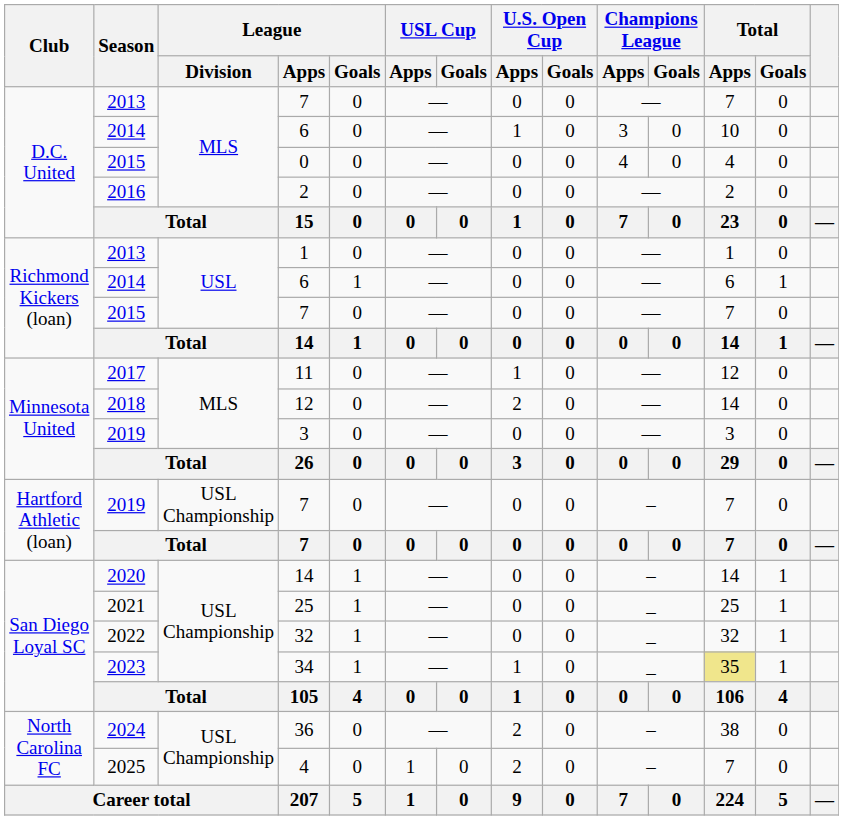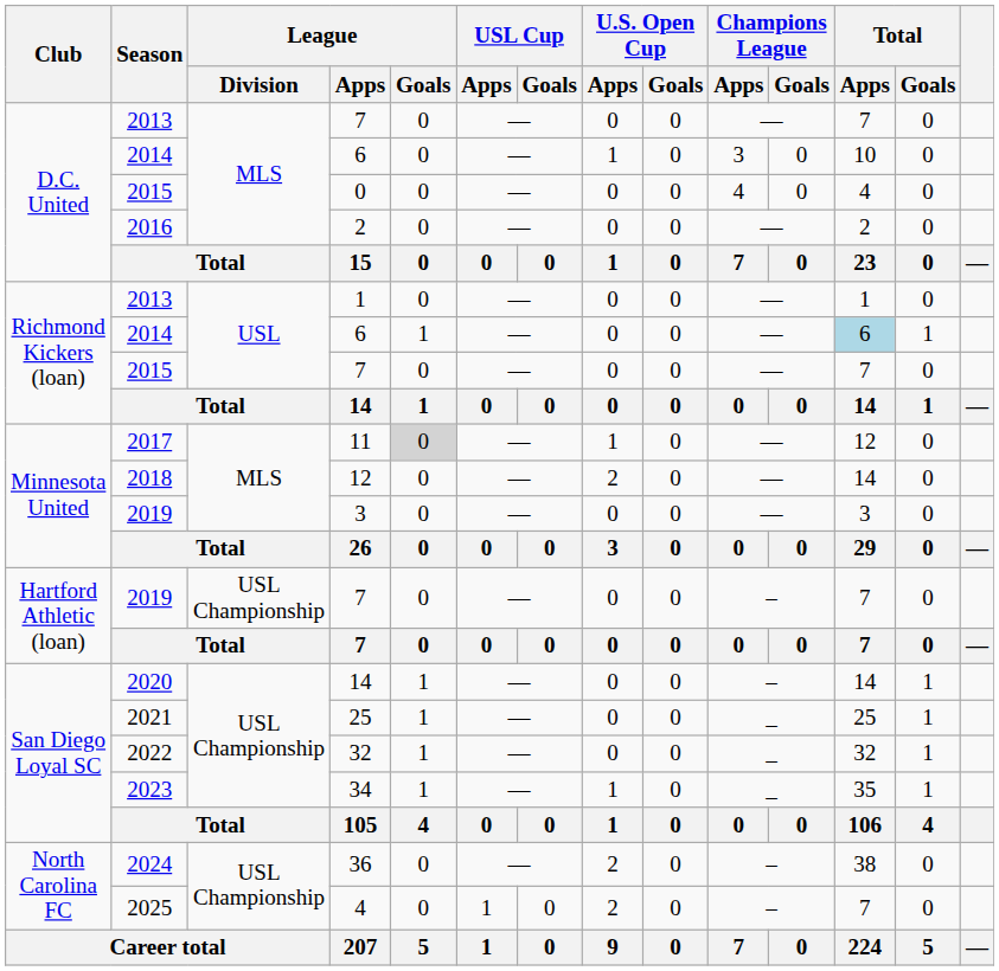 <table class="wikitable" style="text-align:center">
 <tr>
 <th rowspan="2">Club</th>
 <th rowspan="2">Season</th>
 <th colspan="3">League</th>
 <th colspan="2"><a href='#'>USL Cup</a></th>
 <th colspan="2"><a href='#'>U.S. Open Cup</a></th>
 <th colspan="2"><a href='#'>Champions League</a></th>
 <th colspan="2">Total</th>
 <th rowspan="2"></th>
 </tr>
 <tr>
 <th>Division</th>
 <th width="40">Apps</th>
 <th width="40">Goals</th>
 <th>Apps</th>
 <th>Goals</th>
 <th width="40">Apps</th>
 <th width="40">Goals</th>
 <th width="40">Apps</th>
 <th width="40">Goals</th>
 <th width="40">Apps</th>
 <th width="40">Goals</th>
 </tr>
 <tr>
 <td rowspan="5"><a href='#'>D.C. United</a></td>
 <td><a href='#'>2013</a></td>
 <td rowspan="4"><a href='#'>MLS</a></td>
 <td>7</td>
 <td>0</td>
 <td colspan="2">—</td>
 <td>0</td>
 <td>0</td>
 <td colspan="2">—</td>
 <td>7</td>
 <td>0</td>
 <td></td>
 </tr>
 <tr>
 <td><a href='#'>2014</a></td>
 <td>6</td>
 <td>0</td>
 <td colspan="2">—</td>
 <td>1</td>
 <td>0</td>
 <td>3</td>
 <td>0</td>
 <td>10</td>
 <td>0</td>
 <td></td>
 </tr>
 <tr>
 <td><a href='#'>2015</a></td>
 <td>0</td>
 <td>0</td>
 <td colspan="2">—</td>
 <td>0</td>
 <td>0</td>
 <td>4</td>
 <td>0</td>
 <td>4</td>
 <td>0</td>
 <td></td>
 </tr>
 <tr>
 <td><a href='#'>2016</a></td>
 <td>2</td>
 <td>0</td>
 <td colspan="2">—</td>
 <td>0</td>
 <td>0</td>
 <td colspan="2">—</td>
 <td>2</td>
 <td>0</td>
 <td></td>
 </tr>
 <tr>
 <th colspan="2">Total</th>
 <th>15</th>
 <th>0</th>
 <th>0</th>
 <th>0</th>
 <th>1</th>
 <th>0</th>
 <th>7</th>
 <th>0</th>
 <th>23</th>
 <th>0</th>
 <th>—</th>
 </tr>
 <tr>
 <td rowspan="4"><a href='#'>Richmond Kickers</a> (loan)</td>
 <td><a href='#'>2013</a></td>
 <td rowspan="3"><a href='#'>USL</a></td>
 <td>1</td>
 <td>0</td>
 <td colspan="2">—</td>
 <td>0</td>
 <td>0</td>
 <td colspan="2">—</td>
 <td>1</td>
 <td>0</td>
 <td></td>
 </tr>
 <tr>
 <td><a href='#'>2014</a></td>
 <td>6</td>
 <td>1</td>
 <td colspan="2">—</td>
 <td>0</td>
 <td>0</td>
 <td colspan="2">—</td>
-<td>6</td>
+<td style="background: lightblue;">6</td>
 <td>1</td>
 <td></td>
 </tr>
 <tr>
 <td><a href='#'>2015</a></td>
 <td>7</td>
 <td>0</td>
 <td colspan="2">—</td>
 <td>0</td>
 <td>0</td>
 <td colspan="2">—</td>
 <td>7</td>
 <td>0</td>
 <td></td>
 </tr>
 <tr>
 <th colspan="2">Total</th>
 <th>14</th>
 <th>1</th>
 <th>0</th>
 <th>0</th>
 <th>0</th>
 <th>0</th>
 <th>0</th>
 <th>0</th>
 <th>14</th>
 <th>1</th>
 <th>—</th>
 </tr>
 <tr>
 <td rowspan="4"><a href='#'>Minnesota United</a></td>
 <td><a href='#'>2017</a></td>
 <td rowspan="3">MLS</td>
 <td>11</td>
-<td>0</td>
+<td style="background: lightgrey;">0</td>
 <td colspan="2">—</td>
 <td>1</td>
 <td>0</td>
 <td colspan="2">—</td>
 <td>12</td>
 <td>0</td>
 <td></td>
 </tr>
 <tr>
 <td><a href='#'>2018</a></td>
 <td>12</td>
 <td>0</td>
 <td colspan="2">—</td>
 <td>2</td>
 <td>0</td>
 <td colspan="2">—</td>
 <td>14</td>
 <td>0</td>
 <td></td>
 </tr>
 <tr>
 <td><a href='#'>2019</a></td>
 <td>3</td>
 <td>0</td>
 <td colspan="2">—</td>
 <td>0</td>
 <td>0</td>
 <td colspan="2">—</td>
 <td>3</td>
 <td>0</td>
 <td></td>
 </tr>
 <tr>
 <th colspan="2">Total</th>
 <th>26</th>
 <th>0</th>
 <th>0</th>
 <th>0</th>
 <th>3</th>
 <th>0</th>
 <th>0</th>
 <th>0</th>
 <th>29</th>
 <th>0</th>
 <th>—</th>
 </tr>
 <tr>
 <td rowspan="2"><a href='#'>Hartford Athletic</a> (loan)</td>
 <td><a href='#'>2019</a></td>
 <td>USL Championship</td>
 <td>7</td>
 <td>0</td>
 <td colspan="2">—</td>
 <td>0</td>
 <td>0</td>
 <td colspan="2">–</td>
 <td>7</td>
 <td>0</td>
 <td></td>
 </tr>
 <tr>
 <th colspan="2">Total</th>
 <th>7</th>
 <th>0</th>
 <th>0</th>
 <th>0</th>
 <th>0</th>
 <th>0</th>
 <th>0</th>
 <th>0</th>
 <th>7</th>
 <th>0</th>
 <th>—</th>
 </tr>
 <tr>
 <td rowspan="5"><a href='#'>San Diego Loyal SC</a></td>
 <td><a href='#'>2020</a></td>
 <td rowspan="4">USL Championship</td>
 <td>14</td>
 <td>1</td>
 <td colspan="2">—</td>
 <td>0</td>
 <td>0</td>
 <td colspan="2">–</td>
 <td>14</td>
 <td>1</td>
 <td></td>
 </tr>
 <tr>
 <td>2021</td>
 <td>25</td>
 <td>1</td>
 <td colspan="2">—</td>
 <td>0</td>
 <td>0</td>
 <td colspan="2">_</td>
 <td>25</td>
 <td>1</td>
 <td></td>
 </tr>
 <tr>
 <td>2022</td>
 <td>32</td>
 <td>1</td>
 <td colspan="2">—</td>
 <td>0</td>
 <td>0</td>
 <td colspan="2">_</td>
 <td>32</td>
 <td>1</td>
 <td></td>
 </tr>
 <tr>
 <td><a href='#'>2023</a></td>
 <td>34</td>
 <td>1</td>
 <td colspan="2">—</td>
 <td>1</td>
 <td>0</td>
 <td colspan="2">_</td>
-<td style="background: khaki;">35</td>
+<td>35</td>
 <td>1</td>
 <td></td>
 </tr>
 <tr>
 <th colspan="2">Total</th>
 <th>105</th>
 <th>4</th>
 <th>0</th>
 <th>0</th>
 <th>1</th>
 <th>0</th>
 <th>0</th>
 <th>0</th>
 <th>106</th>
 <th>4</th>
 <th></th>
 </tr>
 <tr>
 <td rowspan="2"><a href='#'>North Carolina FC</a></td>
 <td><a href='#'>2024</a></td>
 <td rowspan="2">USL Championship</td>
 <td>36</td>
 <td>0</td>
 <td colspan="2">—</td>
 <td>2</td>
 <td>0</td>
 <td colspan="2">–</td>
 <td>38</td>
 <td>0</td>
 <td></td>
 </tr>
 <tr>
 <td>2025</td>
 <td>4</td>
 <td>0</td>
 <td>1</td>
 <td>0</td>
 <td>2</td>
 <td>0</td>
 <td colspan="2">–</td>
 <td>7</td>
 <td>0</td>
 <td></td>
 </tr>
 <tr>
 <th colspan="3">Career total</th>
 <th>207</th>
 <th>5</th>
 <th>1</th>
 <th>0</th>
 <th>9</th>
 <th>0</th>
 <th>7</th>
 <th>0</th>
 <th>224</th>
 <th>5</th>
 <th>—</th>
 </tr>
 </table>
